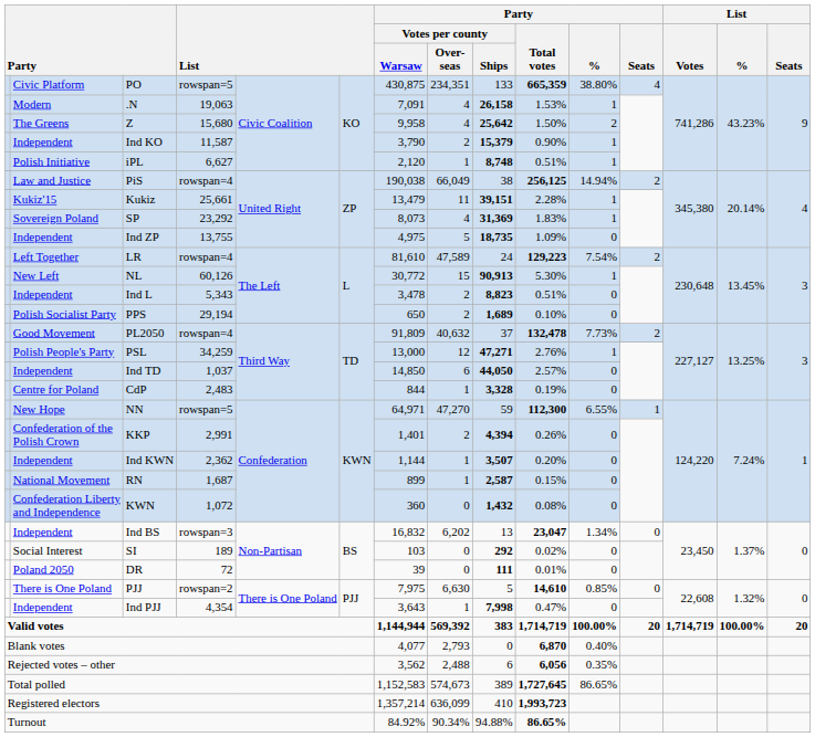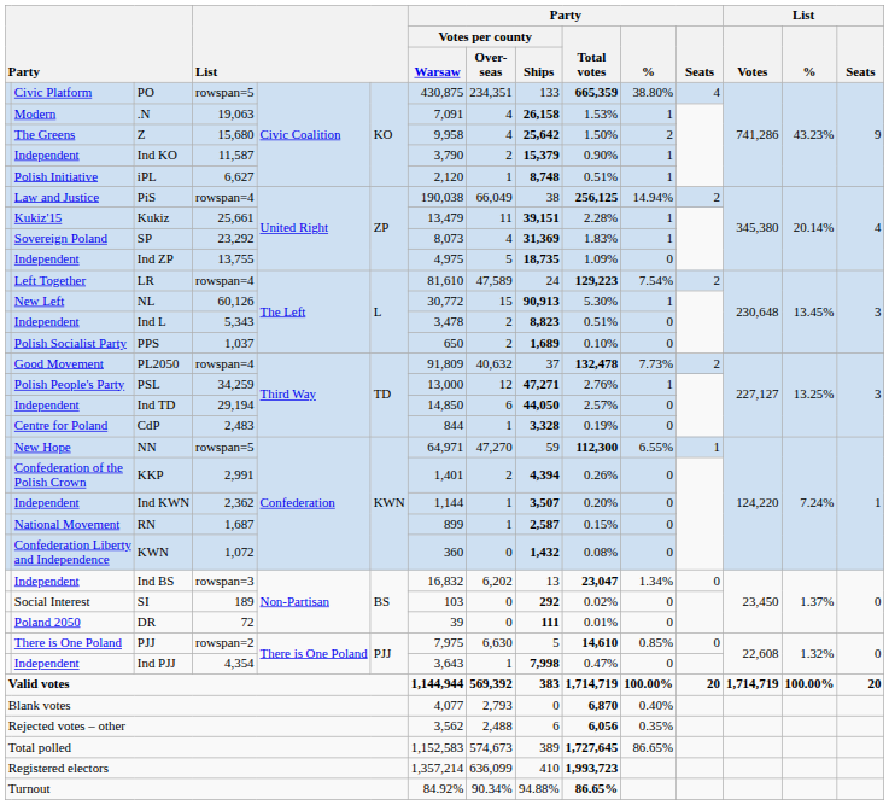 <table class="wikitable" border="1" style="text-align:right;">
 <tr>
 <th style="text-align:left;" valign=bottom rowspan=3 colspan=3>Party</th>
 <th style="text-align:left;" valign=bottom rowspan=3 colspan=3>List</th>
 <th colspan=6>Party</th>
 <th colspan=3>List</th>
 </tr>
 <tr>
 <th colspan=3>Votes per county</th>
 <th align=center valign=bottom rowspan=2 width="50">Total<br>votes</th>
 <th align=center valign=bottom rowspan=2 width="50">%</th>
 <th align=center valign=bottom rowspan=2 width="50">Seats</th>
 <th align=center valign=bottom rowspan=2 width="50">Votes</th>
 <th align=center valign=bottom rowspan=2 width="50">%</th>
 <th align=center valign=bottom rowspan=2 width="50">Seats</th>
 </tr>
 <tr>
 <th align=center valign=bottom width="50"><a href='#'>Warsaw</a></th>
 <th align=center valign=bottom width="50">Over-<br>seas</th>
 <th align=center valign=bottom width="50">Ships</th>
 </tr>
 <tr style="background:#CEE0F2;">
 <td></td>
 <td align=left><a href='#'>Civic Platform</a></td>
 <td align=left>PO</td>
 <td>rowspan=5 </td>
 <td rowspan=5 align=left><a href='#'>Civic Coalition</a></td>
 <td rowspan=5 align=left>KO</td>
 <td>430,875</td>
 <td>234,351</td>
 <td>133</td>
 <td><strong>665,359</strong></td>
 <td>38.80%</td>
 <td>4</td>
 <td rowspan=5>741,286</td>
 <td rowspan=5>43.23%</td>
 <td rowspan=5>9</td>
 </tr>
 <tr style="background:#CEE0F2;">
 <td></td>
 <td align=left><a href='#'>Modern</a></td>
 <td align=left>.N</td>
 <td>19,063</td>
 <td>7,091</td>
 <td>4</td>
 <td><strong>26,158</strong></td>
 <td>1.53%</td>
 <td>1</td>
 </tr>
 <tr style="background:#CEE0F2;">
 <td></td>
 <td align=left><a href='#'>The Greens</a></td>
 <td align=left>Z</td>
 <td>15,680</td>
 <td>9,958</td>
 <td>4</td>
 <td><strong>25,642</strong></td>
 <td>1.50%</td>
 <td>2</td>
 </tr>
 <tr style="background:#CEE0F2;">
 <td></td>
 <td align=left><a href='#'>Independent</a></td>
 <td align=left>Ind KO</td>
 <td>11,587</td>
 <td>3,790</td>
 <td>2</td>
 <td><strong>15,379</strong></td>
 <td>0.90%</td>
 <td>1</td>
 </tr>
 <tr style="background:#CEE0F2;">
 <td></td>
 <td align=left><a href='#'>Polish Initiative</a></td>
 <td align=left>iPL</td>
 <td>6,627</td>
 <td>2,120</td>
 <td>1</td>
 <td><strong>8,748</strong></td>
 <td>0.51%</td>
 <td>1</td>
 </tr>
 <tr style="background:#CEE0F2;">
 <td></td>
 <td align=left><a href='#'>Law and Justice</a></td>
 <td align=left>PiS</td>
 <td>rowspan=4 </td>
 <td rowspan=4 align=left><a href='#'>United Right</a></td>
 <td rowspan=4 align=left>ZP</td>
 <td>190,038</td>
 <td>66,049</td>
 <td>38</td>
 <td><strong>256,125</strong></td>
 <td>14.94%</td>
 <td>2</td>
 <td rowspan=4>345,380</td>
 <td rowspan=4>20.14%</td>
 <td rowspan=4>4</td>
 </tr>
 <tr style="background:#CEE0F2;">
 <td></td>
 <td align=left><a href='#'>Kukiz'15</a></td>
 <td align=left>Kukiz</td>
 <td>25,661</td>
 <td>13,479</td>
 <td>11</td>
 <td><strong>39,151</strong></td>
 <td>2.28%</td>
 <td>1</td>
 </tr>
 <tr style="background:#CEE0F2;">
 <td></td>
 <td align=left><a href='#'>Sovereign Poland</a></td>
 <td align=left>SP</td>
 <td>23,292</td>
 <td>8,073</td>
 <td>4</td>
 <td><strong>31,369</strong></td>
 <td>1.83%</td>
 <td>1</td>
 </tr>
 <tr style="background:#CEE0F2;">
 <td></td>
 <td align=left><a href='#'>Independent</a></td>
 <td align=left>Ind ZP</td>
 <td>13,755</td>
 <td>4,975</td>
 <td>5</td>
 <td><strong>18,735</strong></td>
 <td>1.09%</td>
 <td>0</td>
 </tr>
 <tr style="background:#CEE0F2;">
 <td></td>
 <td align=left><a href='#'>Left Together</a></td>
 <td align=left>LR</td>
 <td>rowspan=4 </td>
 <td rowspan=4 align=left><a href='#'>The Left</a></td>
 <td rowspan=4 align=left>L</td>
 <td>81,610</td>
 <td>47,589</td>
 <td>24</td>
 <td><strong>129,223</strong></td>
 <td>7.54%</td>
 <td>2</td>
 <td rowspan=4>230,648</td>
 <td rowspan=4>13.45%</td>
 <td rowspan=4>3</td>
 </tr>
 <tr style="background:#CEE0F2;">
 <td></td>
 <td align=left><a href='#'>New Left</a></td>
 <td align=left>NL</td>
 <td>60,126</td>
 <td>30,772</td>
 <td>15</td>
 <td><strong>90,913</strong></td>
 <td>5.30%</td>
 <td>1</td>
 </tr>
 <tr style="background:#CEE0F2;">
 <td></td>
 <td align=left><a href='#'>Independent</a></td>
 <td align=left>Ind L</td>
 <td>5,343</td>
 <td>3,478</td>
 <td>2</td>
 <td><strong>8,823</strong></td>
 <td>0.51%</td>
 <td>0</td>
 </tr>
 <tr style="background:#CEE0F2;">
 <td></td>
 <td align=left><a href='#'>Polish Socialist Party</a></td>
 <td align=left>PPS</td>
-<td>29,194</td>
+<td>1,037</td>
 <td>650</td>
 <td>2</td>
 <td><strong>1,689</strong></td>
 <td>0.10%</td>
 <td>0</td>
 </tr>
 <tr style="background:#CEE0F2;">
 <td></td>
 <td align=left><a href='#'>Good Movement</a></td>
 <td align=left>PL2050</td>
 <td>rowspan=4 </td>
 <td rowspan=4 align=left><a href='#'>Third Way</a></td>
 <td rowspan=4 align=left>TD</td>
 <td>91,809</td>
 <td>40,632</td>
 <td>37</td>
 <td><strong>132,478</strong></td>
 <td>7.73%</td>
 <td>2</td>
 <td rowspan=4>227,127</td>
 <td rowspan=4>13.25%</td>
 <td rowspan=4>3</td>
 </tr>
 <tr style="background:#CEE0F2;">
 <td></td>
 <td align=left style="white-space: nowrap;"><a href='#'>Polish People's Party</a></td>
 <td align=left>PSL</td>
 <td>34,259</td>
 <td>13,000</td>
 <td>12</td>
 <td><strong>47,271</strong></td>
 <td>2.76%</td>
 <td>1</td>
 </tr>
 <tr style="background:#CEE0F2;">
 <td></td>
 <td align=left><a href='#'>Independent</a></td>
 <td align=left>Ind TD</td>
-<td>1,037</td>
+<td>29,194</td>
 <td>14,850</td>
 <td>6</td>
 <td><strong>44,050</strong></td>
 <td>2.57%</td>
 <td>0</td>
 </tr>
 <tr style="background:#CEE0F2;">
 <td></td>
 <td align=left><a href='#'>Centre for Poland</a></td>
 <td align=left>CdP</td>
 <td>2,483</td>
 <td>844</td>
 <td>1</td>
 <td><strong>3,328</strong></td>
 <td>0.19%</td>
 <td>0</td>
 </tr>
 <tr style="background:#CEE0F2;">
 <td></td>
 <td align=left><a href='#'>New Hope</a></td>
 <td align=left>NN</td>
 <td>rowspan=5 </td>
 <td rowspan=5 align=left><a href='#'>Confederation</a></td>
 <td rowspan=5 align=left>KWN</td>
 <td>64,971</td>
 <td>47,270</td>
 <td>59</td>
 <td><strong>112,300</strong></td>
 <td>6.55%</td>
 <td>1</td>
 <td rowspan=5>124,220</td>
 <td rowspan=5>7.24%</td>
 <td rowspan=5>1</td>
 </tr>
 <tr style="background:#CEE0F2;">
 <td></td>
 <td align=left><a href='#'>Confederation of the<br>Polish Crown</a></td>
 <td align=left>KKP</td>
 <td>2,991</td>
 <td>1,401</td>
 <td>2</td>
 <td><strong>4,394</strong></td>
 <td>0.26%</td>
 <td>0</td>
 </tr>
 <tr style="background:#CEE0F2;">
 <td></td>
 <td align=left><a href='#'>Independent</a></td>
 <td align=left>Ind KWN</td>
 <td>2,362</td>
 <td>1,144</td>
 <td>1</td>
 <td><strong>3,507</strong></td>
 <td>0.20%</td>
 <td>0</td>
 </tr>
 <tr style="background:#CEE0F2;">
 <td></td>
 <td align=left><a href='#'>National Movement</a></td>
 <td align=left>RN</td>
 <td>1,687</td>
 <td>899</td>
 <td>1</td>
 <td><strong>2,587</strong></td>
 <td>0.15%</td>
 <td>0</td>
 </tr>
 <tr style="background:#CEE0F2;">
 <td></td>
 <td align=left><a href='#'>Confederation Liberty<br>and Independence</a></td>
 <td align=left>KWN</td>
 <td>1,072</td>
 <td>360</td>
 <td>0</td>
 <td><strong>1,432</strong></td>
 <td>0.08%</td>
 <td>0</td>
 </tr>
 <tr>
 <td></td>
 <td align=left><a href='#'>Independent</a></td>
 <td align=left>Ind BS</td>
 <td>rowspan=3 </td>
 <td rowspan=3 align=left><a href='#'>Non-Partisan</a></td>
 <td rowspan=3 align=left>BS</td>
 <td>16,832</td>
 <td>6,202</td>
 <td>13</td>
 <td><strong>23,047</strong></td>
 <td>1.34%</td>
 <td>0</td>
 <td rowspan=3>23,450</td>
 <td rowspan=3>1.37%</td>
 <td rowspan=3>0</td>
 </tr>
 <tr>
 <td></td>
 <td align=left>Social Interest</td>
 <td align=left>SI</td>
 <td>189</td>
 <td>103</td>
 <td>0</td>
 <td><strong>292</strong></td>
 <td>0.02%</td>
 <td>0</td>
 </tr>
 <tr>
 <td></td>
 <td align=left><a href='#'>Poland 2050</a></td>
 <td align=left>DR</td>
 <td>72</td>
 <td>39</td>
 <td>0</td>
 <td><strong>111</strong></td>
 <td>0.01%</td>
 <td>0</td>
 </tr>
 <tr>
 <td></td>
 <td align=left><a href='#'>There is One Poland</a></td>
 <td align=left>PJJ</td>
 <td>rowspan=2 </td>
 <td rowspan=2 align=left><a href='#'>There is One Poland</a></td>
 <td rowspan=2 align=left>PJJ</td>
 <td>7,975</td>
 <td>6,630</td>
 <td>5</td>
 <td><strong>14,610</strong></td>
 <td>0.85%</td>
 <td>0</td>
 <td rowspan=2>22,608</td>
 <td rowspan=2>1.32%</td>
 <td rowspan=2>0</td>
 </tr>
 <tr>
 <td></td>
 <td align=left><a href='#'>Independent</a></td>
 <td align=left>Ind PJJ</td>
 <td>4,354</td>
 <td>3,643</td>
 <td>1</td>
 <td><strong>7,998</strong></td>
 <td>0.47%</td>
 <td>0</td>
 </tr>
 <tr style="font-weight:bold">
 <td align=left colspan=6>Valid votes</td>
 <td>1,144,944</td>
 <td>569,392</td>
 <td>383</td>
 <td>1,714,719</td>
 <td>100.00%</td>
 <td>20</td>
 <td>1,714,719</td>
 <td>100.00%</td>
 <td>20</td>
 </tr>
 <tr>
 <td align=left colspan=6>Blank votes</td>
 <td>4,077</td>
 <td>2,793</td>
 <td>0</td>
 <td><strong>6,870</strong></td>
 <td>0.40%</td>
 <td></td>
 <td></td>
 <td></td>
 <td></td>
 </tr>
 <tr>
 <td align=left colspan=6>Rejected votes – other</td>
 <td>3,562</td>
 <td>2,488</td>
 <td>6</td>
 <td><strong>6,056</strong></td>
 <td>0.35%</td>
 <td></td>
 <td></td>
 <td></td>
 <td></td>
 </tr>
 <tr>
 <td align=left colspan=6>Total polled</td>
 <td>1,152,583</td>
 <td>574,673</td>
 <td>389</td>
 <td><strong>1,727,645</strong></td>
 <td>86.65%</td>
 <td></td>
 <td></td>
 <td></td>
 <td></td>
 </tr>
 <tr>
 <td align=left colspan=6>Registered electors</td>
 <td>1,357,214</td>
 <td>636,099</td>
 <td>410</td>
 <td><strong>1,993,723</strong></td>
 <td></td>
 <td></td>
 <td></td>
 <td></td>
 <td></td>
 </tr>
 <tr>
 <td align=left colspan=6>Turnout</td>
 <td>84.92%</td>
 <td>90.34%</td>
 <td>94.88%</td>
 <td><strong>86.65%</strong></td>
 <td></td>
 <td></td>
 <td></td>
 <td></td>
 <td></td>
 </tr>
 </table>
